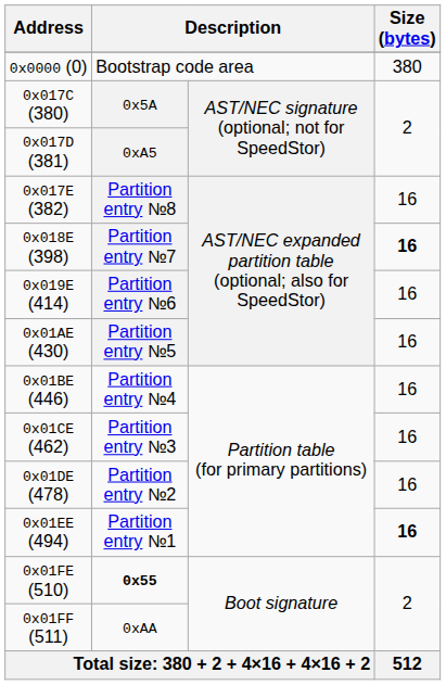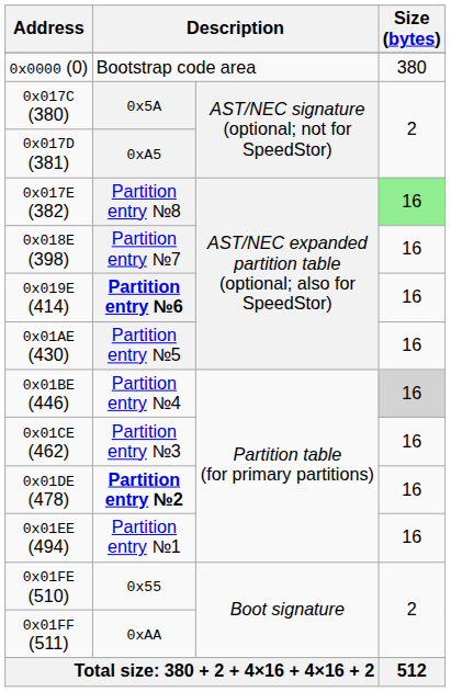 <table class="wikitable" style="float:left; width:45%; margin:1em;">
 <tr>
 <th>Address</th>
 <th style="vertical-align:middle" colspan="2">Description</th>
 <th style="vertical-align:middle">Size<br>(<a href='#'>bytes</a>)</th>
 </tr>
 <tr>
 </tr>
 <tr>
 <td style="text-align:center"><code>0x0000</code> (0)</td>
 <td colspan="2">Bootstrap code area</td>
 <td style="text-align:center">380</td>
 </tr>
 <tr>
 <td style="text-align:center"><code>0x017C</code> (380)</td>
 <td style="text-align:center; background:#F2F2F2"><code>0x5A</code></td>
 <td rowspan="2" style="vertical-align:middle; text-align:center; background:#F2F2F2"><em>AST/NEC signature</em> (optional; not for SpeedStor)</td>
 <td rowspan="2" style="text-align:center">2</td>
 </tr>
 <tr>
 <td style="text-align:center"><code>0x017D</code> (381)</td>
 <td style="text-align:center; background:#F2F2F2"><code>0xA5</code></td>
 </tr>
 <tr>
 <td style="text-align:center"><code>0x017E</code> (382)</td>
 <td style="text-align:center; background:#F2F2F2"><a href='#'>Partition entry</a> №8</td>
 <td rowspan="4" style="vertical-align:middle; text-align:center; background:#F2F2F2"><em>AST/NEC expanded partition table</em><br>(optional; also for SpeedStor)</td>
-<td style="text-align:center">16</td>
+<td style="background: lightgreen; text-align:center">16</td>
 </tr>
 <tr>
 <td style="text-align:center"><code>0x018E</code> (398)</td>
 <td style="text-align:center; background:#F2F2F2"><a href='#'>Partition entry</a> №7</td>
-<td style="text-align:center"><strong>16</strong></td>
+<td style="text-align:center">16</td>
 </tr>
 <tr>
 <td style="text-align:center"><code>0x019E</code> (414)</td>
-<td style="text-align:center; background:#F2F2F2"><a href='#'>Partition entry</a> №6</td>
+<td style="text-align:center; background:#F2F2F2"><strong><a href='#'>Partition entry</a> №6</strong></td>
 <td style="text-align:center">16</td>
 </tr>
 <tr>
 <td style="text-align:center"><code>0x01AE</code> (430)</td>
 <td style="text-align:center; background:#F2F2F2"><a href='#'>Partition entry</a> №5</td>
 <td style="text-align:center">16</td>
 </tr>
 <tr>
 <td style="text-align:center"><code>0x01BE</code> (446)</td>
 <td style="text-align:center"><a href='#'>Partition entry</a> №4</td>
 <td rowspan="4" style="vertical-align:middle; text-align:center"><em>Partition table</em><br>(for primary partitions)</td>
-<td style="text-align:center">16</td>
+<td style="background: lightgrey; text-align:center">16</td>
 </tr>
 <tr>
 <td style="text-align:center"><code>0x01CE</code> (462)</td>
 <td style="text-align:center"><a href='#'>Partition entry</a> №3</td>
 <td style="text-align:center">16</td>
 </tr>
 <tr>
 <td style="text-align:center"><code>0x01DE</code> (478)</td>
-<td style="text-align:center"><a href='#'>Partition entry</a> №2</td>
+<td style="text-align:center"><strong><a href='#'>Partition entry</a> №2</strong></td>
 <td style="text-align:center">16</td>
 </tr>
 <tr>
 <td style="text-align:center"><code>0x01EE</code> (494)</td>
 <td style="text-align:center"><a href='#'>Partition entry</a> №1</td>
-<td style="text-align:center"><strong>16</strong></td>
+<td style="text-align:center">16</td>
 </tr>
 <tr>
 <td style="text-align:center"><code>0x01FE</code> (510)</td>
-<td style="text-align:center"><strong><code>0x55</code></strong></td>
+<td style="text-align:center"><code>0x55</code></td>
 <td rowspan="2" style="vertical-align:middle; text-align:center"><em>Boot signature</em></td>
 <td rowspan="2" style="text-align:center">2</td>
 </tr>
 <tr>
 <td style="text-align:center"><code>0x01FF</code> (511)</td>
 <td style="text-align:center"><code>0xAA</code></td>
 </tr>
 <tr>
 <th colspan="3" style="text-align:right;">Total size: 380 + 2 + 4×16 + 4×16 + 2</th>
 <th>512</th>
 </tr>
 </table>
